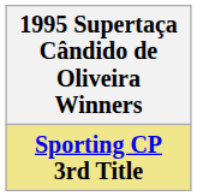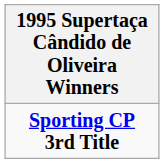 <table class="wikitable" style="text-align: center; margin: 0 auto; width: 20%">
 <tr>
 <th>1995 Supertaça Cândido de Oliveira Winners</th>
 </tr>
 <tr>
-<td style="background: khaki;"><strong><a href='#'>Sporting CP</a></strong><br><strong>3rd Title</strong></td>
+<td><strong><a href='#'>Sporting CP</a></strong><br><strong>3rd Title</strong></td>
 </tr>
 </table>
